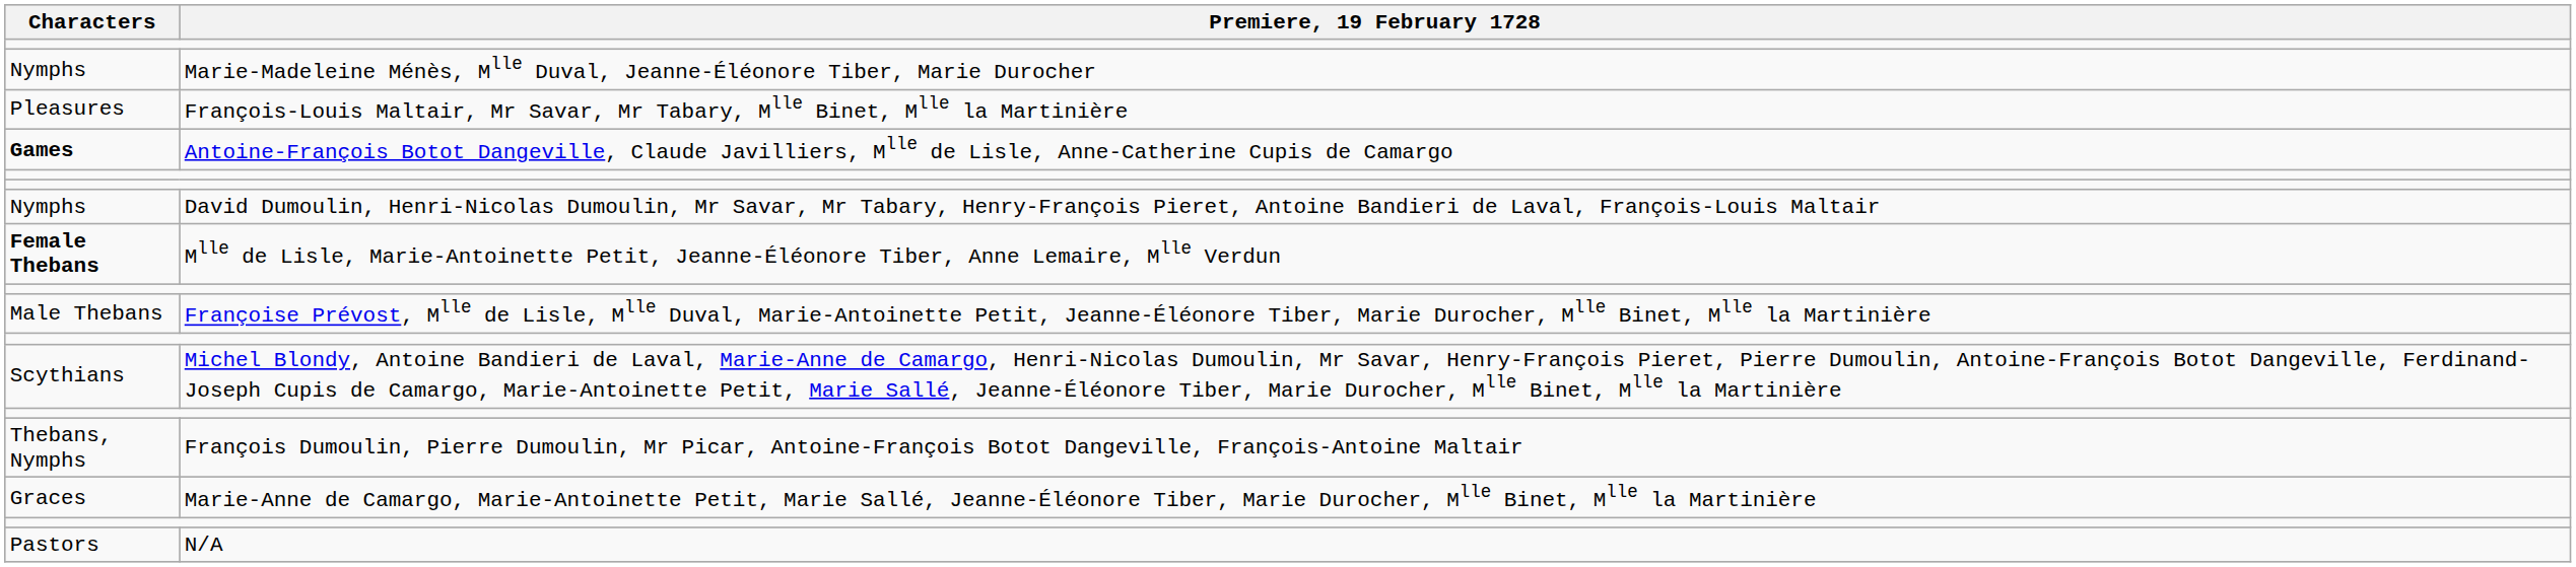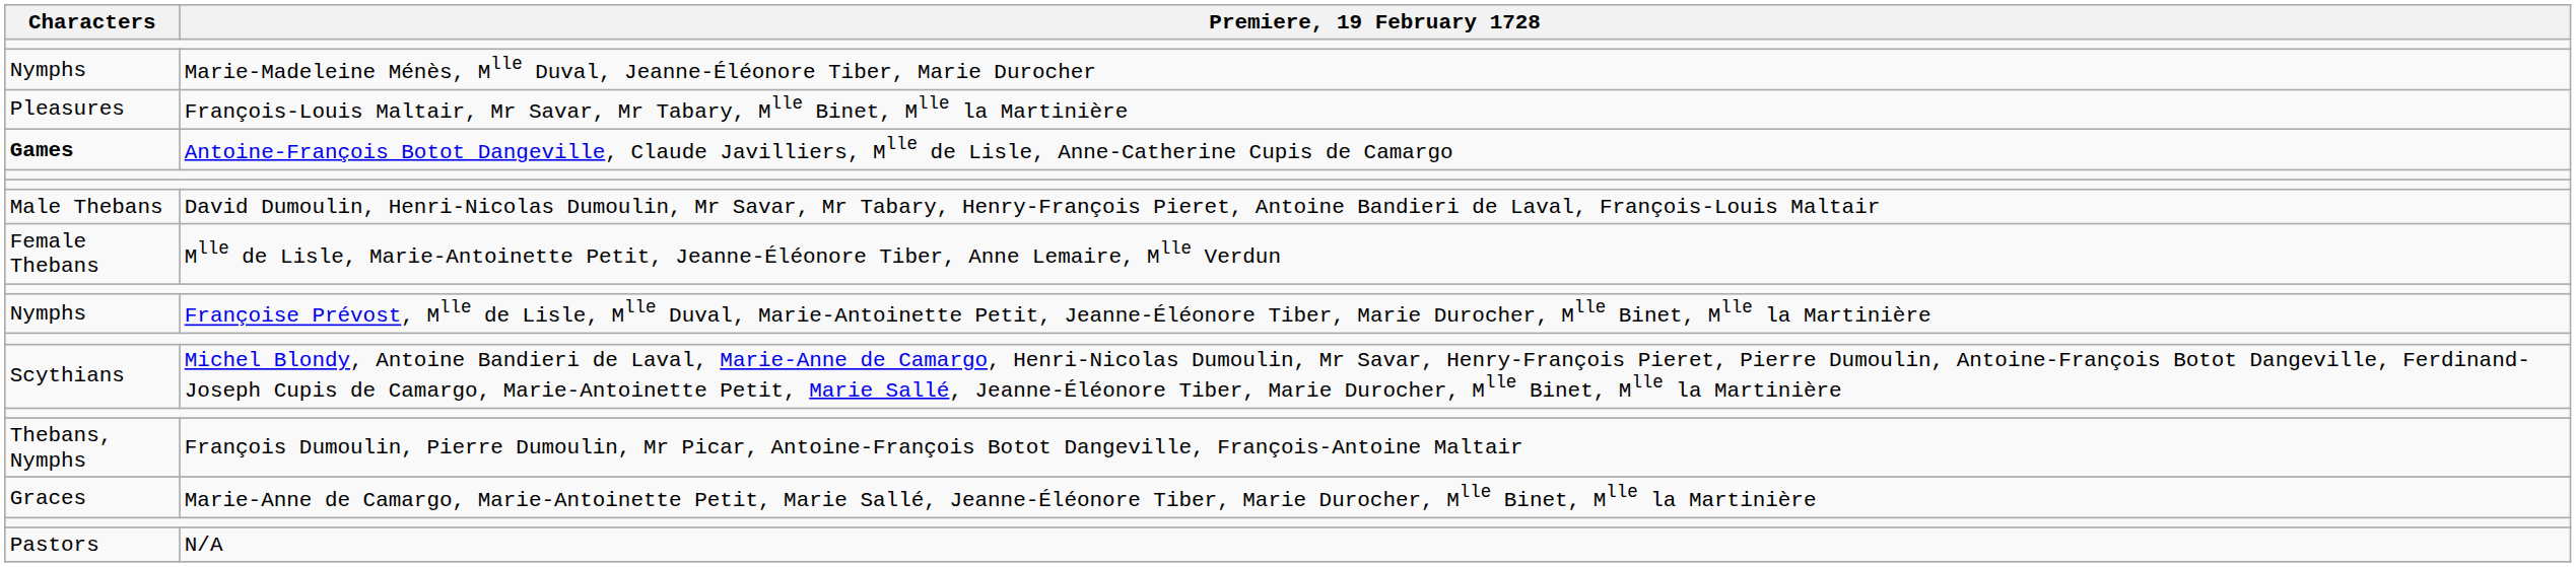 <table class="wikitable">
 <tr>
 <th>Characters</th>
 <th>Premiere, 19 February 1728</th>
 </tr>
 <tr>
 <td colspan="2" align="left"></td>
 </tr>
 <tr>
 <td>Nymphs</td>
 <td>Marie-Madeleine Ménès, M<sup>lle</sup> Duval, Jeanne-Éléonore Tiber, Marie Durocher</td>
 </tr>
 <tr>
 <td>Pleasures</td>
 <td>François-Louis Maltair, Mr Savar, Mr Tabary, M<sup>lle</sup> Binet, M<sup>lle</sup> la Martinière</td>
 </tr>
 <tr>
 <td><strong>Games</strong></td>
 <td><a href='#'>Antoine-François Botot Dangeville</a>, Claude Javilliers, M<sup>lle</sup> de Lisle, Anne-Catherine Cupis de Camargo</td>
 </tr>
 <tr>
 <td colspan="2" align="left"></td>
 </tr>
 <tr>
 <td colspan="2" align="left"></td>
 </tr>
 <tr>
-<td>Nymphs</td>
+<td>Male Thebans</td>
 <td>David Dumoulin, Henri-Nicolas Dumoulin, Mr Savar, Mr Tabary, Henry-François Pieret, Antoine Bandieri de Laval, François-Louis Maltair</td>
 </tr>
 <tr>
-<td><strong>Female Thebans</strong></td>
+<td>Female Thebans</td>
 <td>M<sup>lle</sup> de Lisle, Marie-Antoinette Petit, Jeanne-Éléonore Tiber, Anne Lemaire, M<sup>lle</sup> Verdun</td>
 </tr>
 <tr>
 <td colspan="2" align="left"></td>
 </tr>
 <tr>
-<td>Male Thebans</td>
+<td>Nymphs</td>
 <td><a href='#'>Françoise Prévost</a>, M<sup>lle</sup> de Lisle, M<sup>lle</sup> Duval, Marie-Antoinette Petit, Jeanne-Éléonore Tiber, Marie Durocher, M<sup>lle</sup> Binet, M<sup>lle</sup> la Martinière</td>
 </tr>
 <tr>
 <td colspan="2" align="left"></td>
 </tr>
 <tr>
 <td>Scythians</td>
 <td><a href='#'>Michel Blondy</a>, Antoine Bandieri de Laval, <a href='#'>Marie-Anne de Camargo</a>, Henri-Nicolas Dumoulin, Mr Savar, Henry-François Pieret, Pierre Dumoulin, Antoine-François Botot Dangeville, Ferdinand-Joseph Cupis de Camargo, Marie-Antoinette Petit, <a href='#'>Marie Sallé</a>, Jeanne-Éléonore Tiber, Marie Durocher, M<sup>lle</sup> Binet, M<sup>lle</sup> la Martinière</td>
 </tr>
 <tr>
 <td colspan="2" align="left"></td>
 </tr>
 <tr>
 <td>Thebans, Nymphs</td>
 <td>François Dumoulin, Pierre Dumoulin, Mr Picar, Antoine-François Botot Dangeville, François-Antoine Maltair</td>
 </tr>
 <tr>
 <td>Graces</td>
 <td>Marie-Anne de Camargo, Marie-Antoinette Petit, Marie Sallé, Jeanne-Éléonore Tiber, Marie Durocher, M<sup>lle</sup> Binet, M<sup>lle</sup> la Martinière</td>
 </tr>
 <tr>
 <td colspan="2" align="left"></td>
 </tr>
 <tr>
 <td>Pastors</td>
 <td>N/A</td>
 </tr>
 </table>
